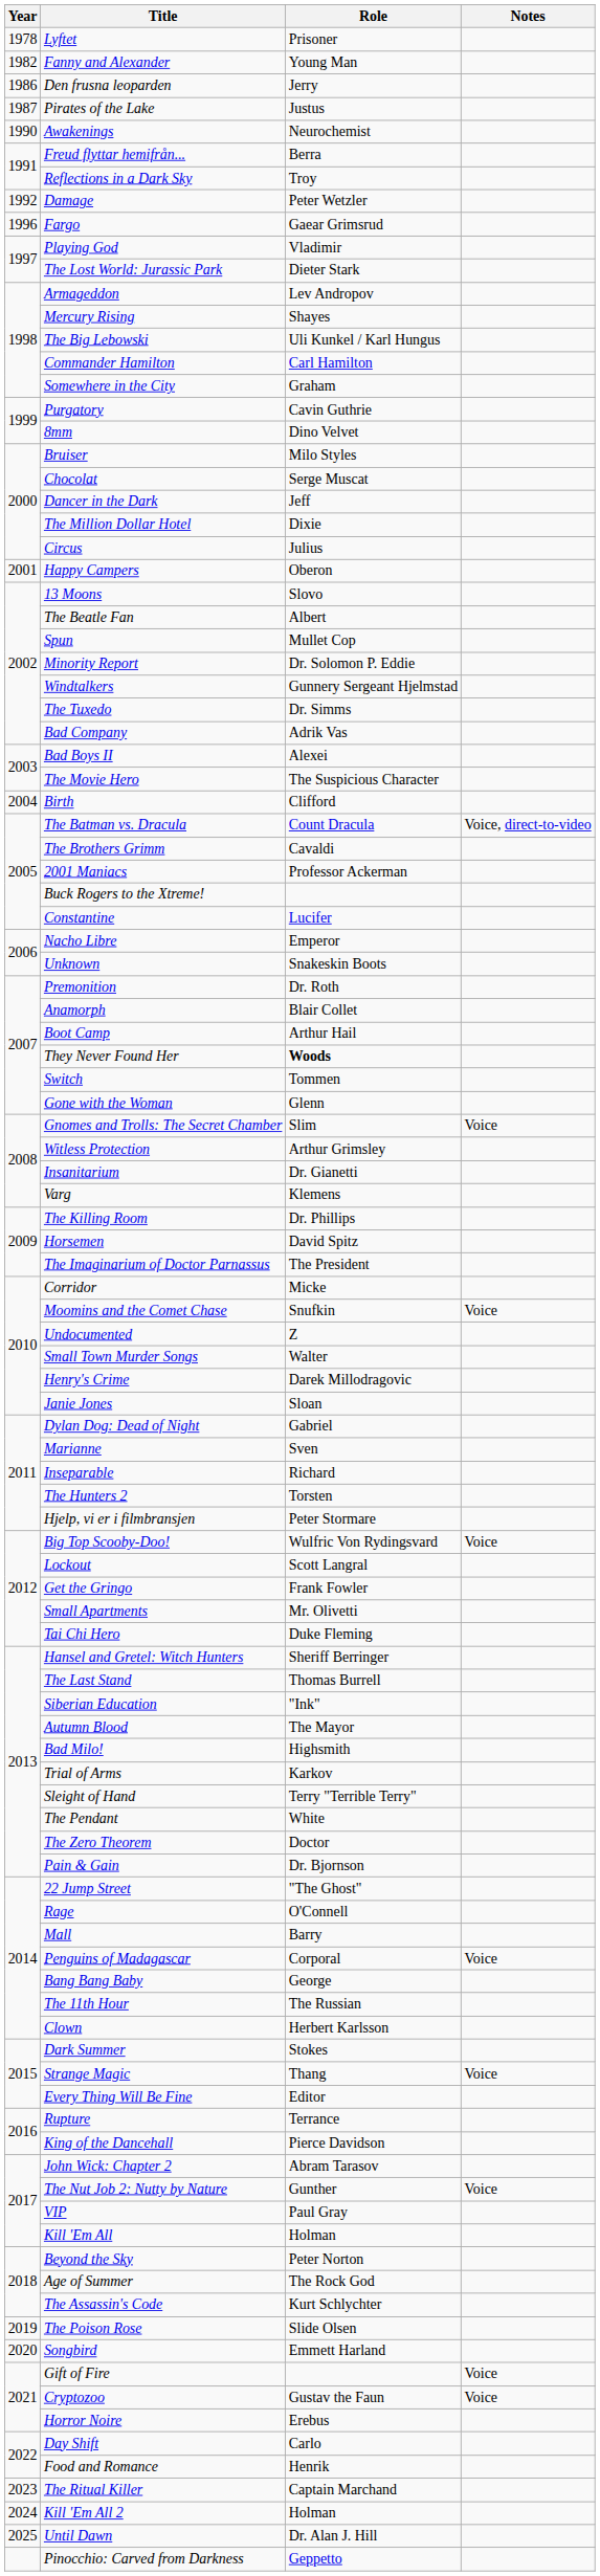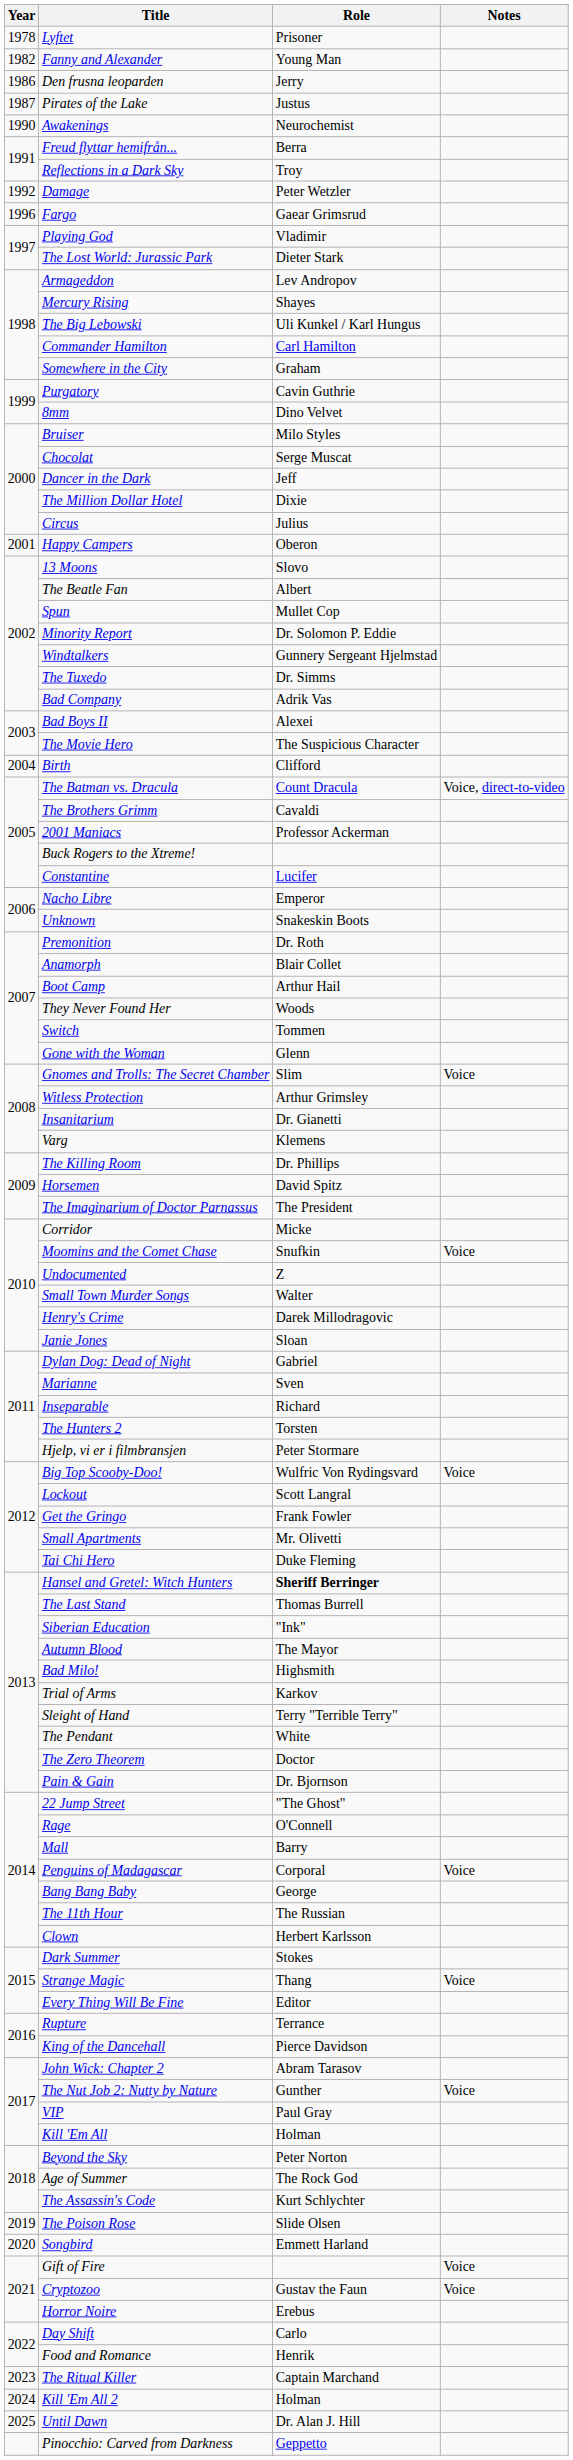 <table class="wikitable sortable">
 <tr>
 <th>Year</th>
 <th>Title</th>
 <th>Role</th>
 <th class="unsortable">Notes</th>
 </tr>
 <tr>
 <td>1978</td>
 <td><em><a href='#'>Lyftet</a></em></td>
 <td>Prisoner</td>
 <td></td>
 </tr>
 <tr>
 <td>1982</td>
 <td><em><a href='#'>Fanny and Alexander</a></em></td>
 <td>Young Man</td>
 <td></td>
 </tr>
 <tr>
 <td>1986</td>
 <td><em>Den frusna leoparden</em></td>
 <td>Jerry</td>
 <td></td>
 </tr>
 <tr>
 <td>1987</td>
 <td><em>Pirates of the Lake</em></td>
 <td>Justus</td>
 <td></td>
 </tr>
 <tr>
 <td>1990</td>
 <td><em><a href='#'>Awakenings</a></em></td>
 <td>Neurochemist</td>
 <td></td>
 </tr>
 <tr>
 <td rowspan="2">1991</td>
 <td><em><a href='#'>Freud flyttar hemifrån...</a></em></td>
 <td>Berra</td>
 <td></td>
 </tr>
 <tr>
 <td><em><a href='#'>Reflections in a Dark Sky</a></em></td>
 <td>Troy</td>
 <td></td>
 </tr>
 <tr>
 <td>1992</td>
 <td><em><a href='#'>Damage</a></em></td>
 <td>Peter Wetzler</td>
 <td></td>
 </tr>
 <tr>
 <td>1996</td>
 <td><em><a href='#'>Fargo</a></em></td>
 <td>Gaear Grimsrud</td>
 <td></td>
 </tr>
 <tr>
 <td rowspan="2">1997</td>
 <td><em><a href='#'>Playing God</a></em></td>
 <td>Vladimir</td>
 <td></td>
 </tr>
 <tr>
 <td><em><a href='#'>The Lost World: Jurassic Park</a></em></td>
 <td>Dieter Stark</td>
 <td></td>
 </tr>
 <tr>
 <td rowspan="5">1998</td>
 <td><em><a href='#'>Armageddon</a></em></td>
 <td>Lev Andropov</td>
 <td></td>
 </tr>
 <tr>
 <td><em><a href='#'>Mercury Rising</a></em></td>
 <td>Shayes</td>
 <td></td>
 </tr>
 <tr>
 <td><em><a href='#'>The Big Lebowski</a></em></td>
 <td>Uli Kunkel / Karl Hungus</td>
 <td></td>
 </tr>
 <tr>
 <td><em><a href='#'>Commander Hamilton</a></em></td>
 <td><a href='#'>Carl Hamilton</a></td>
 <td></td>
 </tr>
 <tr>
 <td><em><a href='#'>Somewhere in the City</a></em></td>
 <td>Graham</td>
 <td></td>
 </tr>
 <tr>
 <td rowspan="2">1999</td>
 <td><em><a href='#'>Purgatory</a></em></td>
 <td>Cavin Guthrie</td>
 <td></td>
 </tr>
 <tr>
 <td><em><a href='#'>8mm</a></em></td>
 <td>Dino Velvet</td>
 <td></td>
 </tr>
 <tr>
 <td rowspan="5">2000</td>
 <td><em><a href='#'>Bruiser</a></em></td>
 <td>Milo Styles</td>
 <td></td>
 </tr>
 <tr>
 <td><em><a href='#'>Chocolat</a></em></td>
 <td>Serge Muscat</td>
 <td></td>
 </tr>
 <tr>
 <td><em><a href='#'>Dancer in the Dark</a></em></td>
 <td>Jeff</td>
 <td></td>
 </tr>
 <tr>
 <td><em><a href='#'>The Million Dollar Hotel</a></em></td>
 <td>Dixie</td>
 <td></td>
 </tr>
 <tr>
 <td><em><a href='#'>Circus</a></em></td>
 <td>Julius</td>
 <td></td>
 </tr>
 <tr>
 <td>2001</td>
 <td><em><a href='#'>Happy Campers</a></em></td>
 <td>Oberon</td>
 <td></td>
 </tr>
 <tr>
 <td rowspan="7">2002</td>
 <td><em><a href='#'>13 Moons</a></em></td>
 <td>Slovo</td>
 <td></td>
 </tr>
 <tr>
 <td><em>The Beatle Fan</em></td>
 <td>Albert</td>
 <td></td>
 </tr>
 <tr>
 <td><em><a href='#'>Spun</a></em></td>
 <td>Mullet Cop</td>
 <td></td>
 </tr>
 <tr>
 <td><em><a href='#'>Minority Report</a></em></td>
 <td>Dr. Solomon P. Eddie</td>
 <td></td>
 </tr>
 <tr>
 <td><em><a href='#'>Windtalkers</a></em></td>
 <td>Gunnery Sergeant Hjelmstad</td>
 <td></td>
 </tr>
 <tr>
 <td><em><a href='#'>The Tuxedo</a></em></td>
 <td>Dr. Simms</td>
 <td></td>
 </tr>
 <tr>
 <td><em><a href='#'>Bad Company</a></em></td>
 <td>Adrik Vas</td>
 <td></td>
 </tr>
 <tr>
 <td rowspan="2">2003</td>
 <td><em><a href='#'>Bad Boys II</a></em></td>
 <td>Alexei</td>
 <td></td>
 </tr>
 <tr>
 <td><em><a href='#'>The Movie Hero</a></em></td>
 <td>The Suspicious Character</td>
 <td></td>
 </tr>
 <tr>
 <td>2004</td>
 <td><em><a href='#'>Birth</a></em></td>
 <td>Clifford</td>
 <td></td>
 </tr>
 <tr>
 <td rowspan="5">2005</td>
 <td><em><a href='#'>The Batman vs. Dracula</a></em></td>
 <td><a href='#'>Count Dracula</a></td>
 <td>Voice, <a href='#'>direct-to-video</a></td>
 </tr>
 <tr>
 <td><em><a href='#'>The Brothers Grimm</a></em></td>
 <td>Cavaldi</td>
 <td></td>
 </tr>
 <tr>
 <td><em><a href='#'>2001 Maniacs</a></em></td>
 <td>Professor Ackerman</td>
 <td></td>
 </tr>
 <tr>
 <td><em>Buck Rogers to the Xtreme!</em></td>
 <td></td>
 <td></td>
 </tr>
 <tr>
 <td><em><a href='#'>Constantine</a></em></td>
 <td><a href='#'>Lucifer</a></td>
 <td></td>
 </tr>
 <tr>
 <td rowspan="2">2006</td>
 <td><em><a href='#'>Nacho Libre</a></em></td>
 <td>Emperor</td>
 <td></td>
 </tr>
 <tr>
 <td><em><a href='#'>Unknown</a></em></td>
 <td>Snakeskin Boots</td>
 <td></td>
 </tr>
 <tr>
 <td rowspan="6">2007</td>
 <td><em><a href='#'>Premonition</a></em></td>
 <td>Dr. Roth</td>
 <td></td>
 </tr>
 <tr>
 <td><em><a href='#'>Anamorph</a></em></td>
 <td>Blair Collet</td>
 <td></td>
 </tr>
 <tr>
 <td><em><a href='#'>Boot Camp</a></em></td>
 <td>Arthur Hail</td>
 <td></td>
 </tr>
 <tr>
 <td><em>They Never Found Her</em></td>
-<td><strong>Woods</strong></td>
+<td>Woods</td>
 <td></td>
 </tr>
 <tr>
 <td><em><a href='#'>Switch</a></em></td>
 <td>Tommen</td>
 <td></td>
 </tr>
 <tr>
 <td><em><a href='#'>Gone with the Woman</a></em></td>
 <td>Glenn</td>
 <td></td>
 </tr>
 <tr>
 <td rowspan="4">2008</td>
 <td><em><a href='#'>Gnomes and Trolls: The Secret Chamber</a></em></td>
 <td>Slim</td>
 <td>Voice</td>
 </tr>
 <tr>
 <td><em><a href='#'>Witless Protection</a></em></td>
 <td>Arthur Grimsley</td>
 <td></td>
 </tr>
 <tr>
 <td><em><a href='#'>Insanitarium</a></em></td>
 <td>Dr. Gianetti</td>
 <td></td>
 </tr>
 <tr>
 <td><em>Varg</em></td>
 <td>Klemens</td>
 <td></td>
 </tr>
 <tr>
 <td rowspan="3">2009</td>
 <td><em><a href='#'>The Killing Room</a></em></td>
 <td>Dr. Phillips</td>
 <td></td>
 </tr>
 <tr>
 <td><em><a href='#'>Horsemen</a></em></td>
 <td>David Spitz</td>
 <td></td>
 </tr>
 <tr>
 <td><em><a href='#'>The Imaginarium of Doctor Parnassus</a></em></td>
 <td>The President</td>
 <td></td>
 </tr>
 <tr>
 <td rowspan="6">2010</td>
 <td><em>Corridor</em></td>
 <td>Micke</td>
 <td></td>
 </tr>
 <tr>
 <td><em><a href='#'>Moomins and the Comet Chase</a></em></td>
 <td>Snufkin</td>
 <td>Voice</td>
 </tr>
 <tr>
 <td><em><a href='#'>Undocumented</a></em></td>
 <td>Z</td>
 <td></td>
 </tr>
 <tr>
 <td><em><a href='#'>Small Town Murder Songs</a></em></td>
 <td>Walter</td>
 <td></td>
 </tr>
 <tr>
 <td><em><a href='#'>Henry's Crime</a></em></td>
 <td>Darek Millodragovic</td>
 <td></td>
 </tr>
 <tr>
 <td><em><a href='#'>Janie Jones</a></em></td>
 <td>Sloan</td>
 <td></td>
 </tr>
 <tr>
 <td rowspan="5">2011</td>
 <td><em><a href='#'>Dylan Dog: Dead of Night</a></em></td>
 <td>Gabriel</td>
 <td></td>
 </tr>
 <tr>
 <td><em><a href='#'>Marianne</a></em></td>
 <td>Sven</td>
 <td></td>
 </tr>
 <tr>
 <td><em><a href='#'>Inseparable</a></em></td>
 <td>Richard</td>
 <td></td>
 </tr>
 <tr>
 <td><em><a href='#'>The Hunters 2</a></em></td>
 <td>Torsten</td>
 <td></td>
 </tr>
 <tr>
 <td><em>Hjelp, vi er i filmbransjen</em></td>
 <td>Peter Stormare</td>
 <td></td>
 </tr>
 <tr>
 <td rowspan="5">2012</td>
 <td><em><a href='#'>Big Top Scooby-Doo!</a></em></td>
 <td>Wulfric Von Rydingsvard</td>
 <td>Voice</td>
 </tr>
 <tr>
 <td><em><a href='#'>Lockout</a></em></td>
 <td>Scott Langral</td>
 <td></td>
 </tr>
 <tr>
 <td><em><a href='#'>Get the Gringo</a></em></td>
 <td>Frank Fowler</td>
 <td></td>
 </tr>
 <tr>
 <td><em><a href='#'>Small Apartments</a></em></td>
 <td>Mr. Olivetti</td>
 <td></td>
 </tr>
 <tr>
 <td><em><a href='#'>Tai Chi Hero</a></em></td>
 <td>Duke Fleming</td>
 <td></td>
 </tr>
 <tr>
 <td rowspan="10">2013</td>
 <td><em><a href='#'>Hansel and Gretel: Witch Hunters</a></em></td>
-<td>Sheriff Berringer</td>
+<td><strong>Sheriff Berringer</strong></td>
 <td></td>
 </tr>
 <tr>
 <td><em><a href='#'>The Last Stand</a></em></td>
 <td>Thomas Burrell</td>
 <td></td>
 </tr>
 <tr>
 <td><em><a href='#'>Siberian Education</a></em></td>
 <td>"Ink"</td>
 <td></td>
 </tr>
 <tr>
 <td><em><a href='#'>Autumn Blood</a></em></td>
 <td>The Mayor</td>
 <td></td>
 </tr>
 <tr>
 <td><em><a href='#'>Bad Milo!</a></em></td>
 <td>Highsmith</td>
 <td></td>
 </tr>
 <tr>
 <td><em>Trial of Arms</em></td>
 <td>Karkov</td>
 <td></td>
 </tr>
 <tr>
 <td><em>Sleight of Hand</em></td>
 <td>Terry "Terrible Terry"</td>
 <td></td>
 </tr>
 <tr>
 <td><em>The Pendant</em></td>
 <td>White</td>
 <td></td>
 </tr>
 <tr>
 <td><em><a href='#'>The Zero Theorem</a></em></td>
 <td>Doctor</td>
 <td></td>
 </tr>
 <tr>
 <td><em><a href='#'>Pain & Gain</a></em></td>
 <td>Dr. Bjornson</td>
 <td></td>
 </tr>
 <tr>
 <td rowspan="7">2014</td>
 <td><em><a href='#'>22 Jump Street</a></em></td>
 <td>"The Ghost"</td>
 <td></td>
 </tr>
 <tr>
 <td><em><a href='#'>Rage</a></em></td>
 <td>O'Connell</td>
 <td></td>
 </tr>
 <tr>
 <td><em><a href='#'>Mall</a></em></td>
 <td>Barry</td>
 <td></td>
 </tr>
 <tr>
 <td><em><a href='#'>Penguins of Madagascar</a></em></td>
 <td>Corporal</td>
 <td>Voice</td>
 </tr>
 <tr>
 <td><em><a href='#'>Bang Bang Baby</a></em></td>
 <td>George</td>
 <td></td>
 </tr>
 <tr>
 <td><em><a href='#'>The 11th Hour</a></em></td>
 <td>The Russian</td>
 <td></td>
 </tr>
 <tr>
 <td><em><a href='#'>Clown</a></em></td>
 <td>Herbert Karlsson</td>
 <td></td>
 </tr>
 <tr>
 <td rowspan="3">2015</td>
 <td><em><a href='#'>Dark Summer</a></em></td>
 <td>Stokes</td>
 <td></td>
 </tr>
 <tr>
 <td><em><a href='#'>Strange Magic</a></em></td>
 <td>Thang</td>
 <td>Voice</td>
 </tr>
 <tr>
 <td><em><a href='#'>Every Thing Will Be Fine</a></em></td>
 <td>Editor</td>
 <td></td>
 </tr>
 <tr>
 <td rowspan="2">2016</td>
 <td><em><a href='#'>Rupture</a></em></td>
 <td>Terrance</td>
 <td></td>
 </tr>
 <tr>
 <td><em><a href='#'>King of the Dancehall</a></em></td>
 <td>Pierce Davidson</td>
 <td></td>
 </tr>
 <tr>
 <td rowspan="4">2017</td>
 <td><em><a href='#'>John Wick: Chapter 2</a></em></td>
 <td>Abram Tarasov</td>
 <td></td>
 </tr>
 <tr>
 <td><em><a href='#'>The Nut Job 2: Nutty by Nature</a></em></td>
 <td>Gunther</td>
 <td>Voice</td>
 </tr>
 <tr>
 <td><a href='#'><em>VIP</em></a></td>
 <td>Paul Gray</td>
 <td></td>
 </tr>
 <tr>
 <td><em><a href='#'>Kill 'Em All</a></em></td>
 <td>Holman</td>
 <td></td>
 </tr>
 <tr>
 <td rowspan="3">2018</td>
 <td><em><a href='#'>Beyond the Sky</a></em></td>
 <td>Peter Norton</td>
 <td></td>
 </tr>
 <tr>
 <td><em>Age of Summer</em></td>
 <td>The Rock God</td>
 <td></td>
 </tr>
 <tr>
 <td><em><a href='#'>The Assassin's Code</a></em></td>
 <td>Kurt Schlychter</td>
 <td></td>
 </tr>
 <tr>
 <td>2019</td>
 <td><em><a href='#'>The Poison Rose</a></em></td>
 <td>Slide Olsen</td>
 <td></td>
 </tr>
 <tr>
 <td>2020</td>
 <td><em><a href='#'>Songbird</a></em></td>
 <td>Emmett Harland</td>
 <td></td>
 </tr>
 <tr>
 <td rowspan="3">2021</td>
 <td><em>Gift of Fire</em></td>
 <td></td>
 <td>Voice</td>
 </tr>
 <tr>
 <td><em><a href='#'>Cryptozoo</a></em></td>
 <td>Gustav the Faun</td>
 <td>Voice</td>
 </tr>
 <tr>
 <td><em><a href='#'>Horror Noire</a></em></td>
 <td>Erebus</td>
 <td></td>
 </tr>
 <tr>
 <td rowspan="2">2022</td>
 <td><em><a href='#'>Day Shift</a></em></td>
 <td>Carlo</td>
 <td></td>
 </tr>
 <tr>
 <td><em>Food and Romance</em></td>
 <td>Henrik</td>
 <td></td>
 </tr>
 <tr>
 <td rowspan="1">2023</td>
 <td><em><a href='#'>The Ritual Killer</a></em></td>
 <td>Captain Marchand</td>
 <td></td>
 </tr>
 <tr>
 <td>2024</td>
 <td><em><a href='#'>Kill 'Em All 2</a></em></td>
 <td>Holman</td>
 <td></td>
 </tr>
 <tr>
 <td>2025</td>
 <td><em><a href='#'>Until Dawn</a></em></td>
 <td>Dr. Alan J. Hill</td>
 <td></td>
 </tr>
 <tr>
 <td></td>
 <td><em>Pinocchio: Carved from Darkness</em></td>
 <td><a href='#'>Geppetto</a></td>
 <td></td>
 </tr>
 </table>
